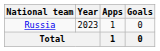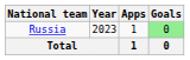 <table class="wikitable" style="text-align:center">
 <tr>
 <th>National team</th>
 <th>Year</th>
 <th>Apps</th>
 <th>Goals</th>
 </tr>
 <tr>
 <td rowspan="1"><a href='#'>Russia</a></td>
 <td>2023</td>
 <td>1</td>
-<td>0</td>
+<td style="background: lightgreen;">0</td>
 </tr>
 <tr>
 <th colspan="2">Total</th>
 <th>1</th>
 <th>0</th>
 </tr>
 </table>
